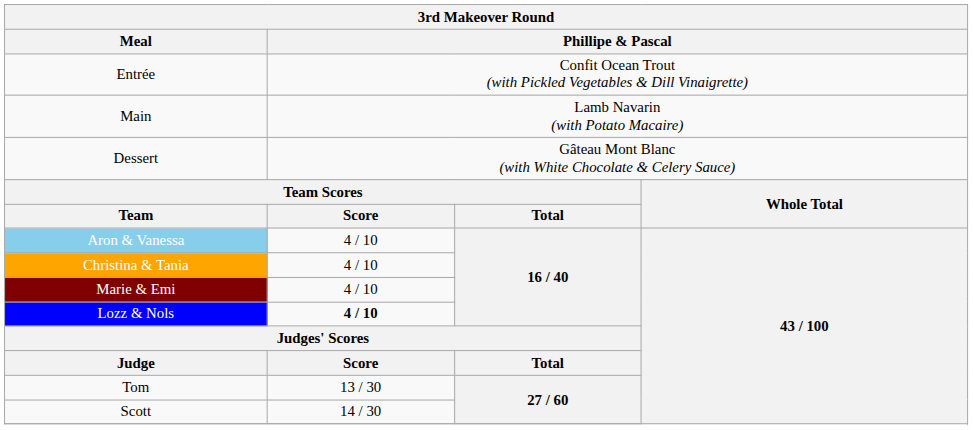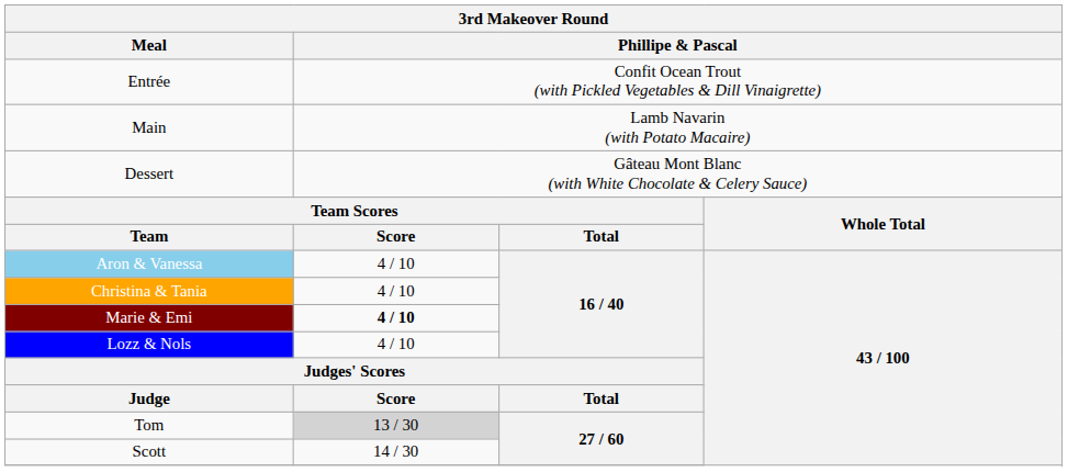 <table class="wikitable plainrowheaders" style="text-align:center; font-size:90%; width:65em;">
 <tr>
 <th colspan="4" >3rd Makeover Round</th>
 </tr>
 <tr>
 <th style="width:15%;">Meal</th>
 <th colspan="3" style="width:40%;">Phillipe & Pascal</th>
 </tr>
 <tr>
 <td>Entrée</td>
 <td colspan="3">Confit Ocean Trout<br><em>(with Pickled Vegetables & Dill Vinaigrette)</em></td>
 </tr>
 <tr>
 <td>Main</td>
 <td colspan="3">Lamb Navarin<br><em>(with Potato Macaire)</em></td>
 </tr>
 <tr>
 <td>Dessert</td>
 <td colspan="3">Gâteau Mont Blanc<br><em>(with White Chocolate & Celery Sauce)</em></td>
 </tr>
 <tr>
 <th colspan="3" >Team Scores</th>
 <th rowspan="2">Whole Total</th>
 </tr>
 <tr>
 <th>Team</th>
 <th>Score</th>
 <th>Total</th>
 </tr>
 <tr>
 <td style="background:skyblue; color:white;">Aron & Vanessa</td>
 <td>4 / 10</td>
 <th rowspan="4">16 / 40</th>
 <th rowspan="10">43 / 100</th>
 </tr>
 <tr>
 <td style="background:orange; color:white;">Christina & Tania</td>
 <td>4 / 10</td>
 </tr>
 <tr>
 <td style="background:maroon; color:white;">Marie & Emi</td>
-<td>4 / 10</td>
+<td><strong>4 / 10</strong></td>
 </tr>
 <tr>
 <td style="background:blue; color:white;">Lozz & Nols</td>
-<td><strong>4 / 10</strong></td>
+<td>4 / 10</td>
 </tr>
 <tr>
 <th colspan="3" >Judges' Scores</th>
 </tr>
 <tr>
 <th>Judge</th>
 <th>Score</th>
 <th>Total</th>
 </tr>
 <tr>
 <td>Tom</td>
-<td>13 / 30</td>
+<td style="background: lightgrey;">13 / 30</td>
 <th rowspan="2">27 / 60</th>
 </tr>
 <tr>
 <td>Scott</td>
 <td>14 / 30</td>
 </tr>
 <tr>
 </tr>
 </table>
